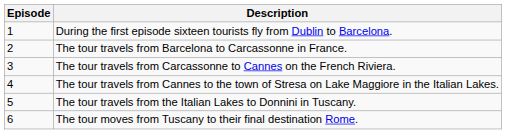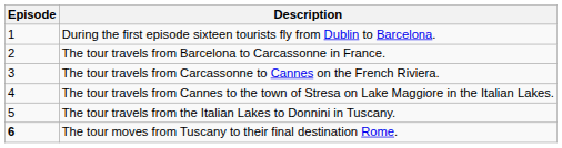 <table class="wikitable">
 <tr>
 <th>Episode</th>
 <th>Description</th>
 </tr>
 <tr>
 <td>1</td>
 <td>During the first episode sixteen tourists fly from <a href='#'>Dublin</a> to <a href='#'>Barcelona</a>.</td>
 </tr>
 <tr>
 <td>2</td>
 <td>The tour travels from Barcelona to Carcassonne in France.</td>
 </tr>
 <tr>
 <td>3</td>
 <td>The tour travels from Carcassonne to <a href='#'>Cannes</a> on the French Riviera.</td>
 </tr>
 <tr>
 <td>4</td>
 <td>The tour travels from Cannes to the town of Stresa on Lake Maggiore in the Italian Lakes.</td>
 </tr>
 <tr>
 <td>5</td>
 <td>The tour travels from the Italian Lakes to Donnini in Tuscany.</td>
 </tr>
 <tr>
-<td>6</td>
+<td><strong>6</strong></td>
 <td>The tour moves from Tuscany to their final destination <a href='#'>Rome</a>.</td>
 </tr>
 </table>
